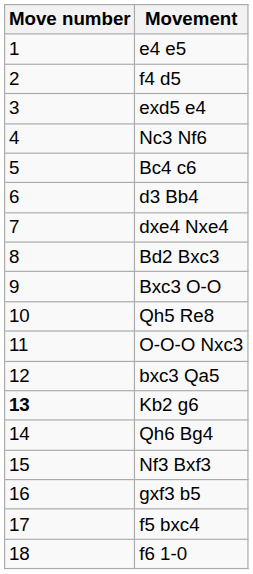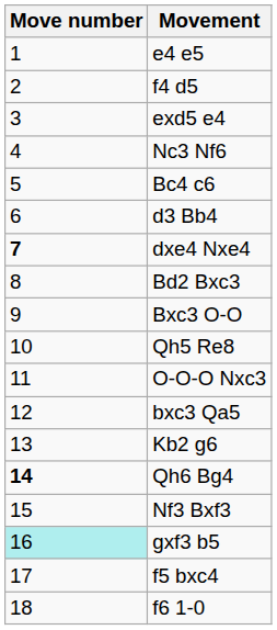 <table class="wikitable">
 <tr>
 <th>Move number</th>
 <th>Movement</th>
 </tr>
 <tr>
 <td>1</td>
 <td>e4 e5</td>
 </tr>
 <tr>
 <td>2</td>
 <td>f4 d5</td>
 </tr>
 <tr>
 <td>3</td>
 <td>exd5 e4</td>
 </tr>
 <tr>
 <td>4</td>
 <td>Nc3 Nf6</td>
 </tr>
 <tr>
 <td>5</td>
 <td>Bc4 c6</td>
 </tr>
 <tr>
 <td>6</td>
 <td>d3 Bb4</td>
 </tr>
 <tr>
-<td>7</td>
+<td><strong>7</strong></td>
 <td>dxe4 Nxe4</td>
 </tr>
 <tr>
 <td>8</td>
 <td>Bd2 Bxc3</td>
 </tr>
 <tr>
 <td>9</td>
 <td>Bxc3 O-O</td>
 </tr>
 <tr>
 <td>10</td>
 <td>Qh5 Re8</td>
 </tr>
 <tr>
 <td>11</td>
 <td>O-O-O Nxc3</td>
 </tr>
 <tr>
 <td>12</td>
 <td>bxc3 Qa5</td>
 </tr>
 <tr>
-<td><strong>13</strong></td>
+<td>13</td>
 <td>Kb2 g6</td>
 </tr>
 <tr>
-<td>14</td>
+<td><strong>14</strong></td>
 <td>Qh6 Bg4</td>
 </tr>
 <tr>
 <td>15</td>
 <td>Nf3 Bxf3</td>
 </tr>
 <tr>
-<td>16</td>
+<td style="background: paleturquoise;">16</td>
 <td>gxf3 b5</td>
 </tr>
 <tr>
 <td>17</td>
 <td>f5 bxc4</td>
 </tr>
 <tr>
 <td>18</td>
 <td>f6 1-0</td>
 </tr>
 </table>
